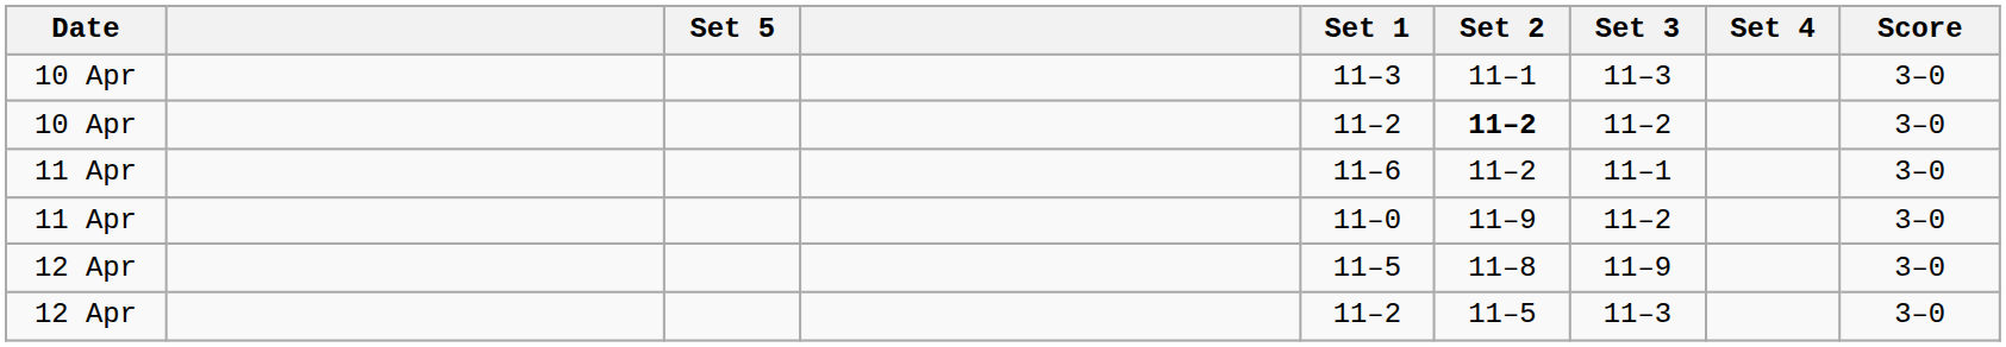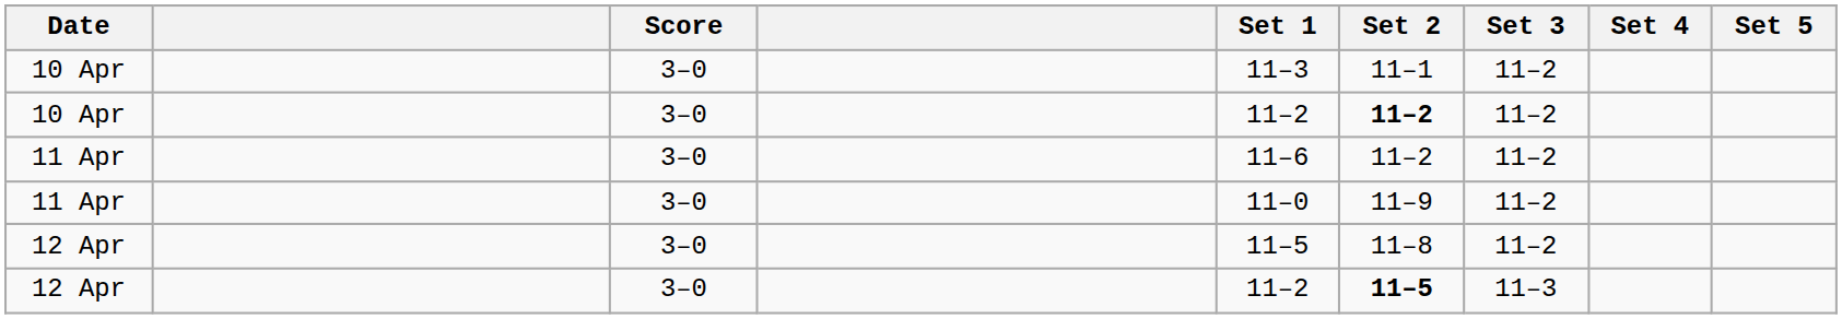 <table class="wikitable" style="text-align: center; font-size:90% ">
 <tr>
 <th width="60">Date</th>
 <th align="right" width="200"></th>
-<th width="50">Set 5</th>
+<th width="60">Score</th>
 <th align="left" width="200"></th>
 <th width="50">Set 1</th>
 <th width="50">Set 2</th>
 <th width="50">Set 3</th>
 <th width="50">Set 4</th>
-<th width="60">Score</th>
+<th width="50">Set 5</th>
 </tr>
 <tr>
 <td>10 Apr</td>
 <td align=left><strong></strong></td>
-<td></td>
+<td align=center>3–0</td>
 <td align=left></td>
 <td>11–3</td>
 <td>11–1</td>
-<td>11–3</td>
+<td>11–2</td>
 <td></td>
-<td align=center>3–0</td>
+<td></td>
 </tr>
 <tr>
 <td>10 Apr</td>
 <td align=left><strong></strong></td>
-<td></td>
+<td align=center>3–0</td>
 <td align=left></td>
 <td>11–2</td>
 <td><strong>11–2</strong></td>
 <td>11–2</td>
 <td></td>
-<td align=center>3–0</td>
+<td></td>
 </tr>
 <tr>
 <td>11 Apr</td>
 <td align=left><strong></strong></td>
-<td></td>
+<td align=center>3–0</td>
 <td align=left></td>
 <td>11–6</td>
 <td>11–2</td>
-<td>11–1</td>
+<td>11–2</td>
 <td></td>
-<td align=center>3–0</td>
+<td></td>
 </tr>
 <tr>
 <td>11 Apr</td>
 <td align=left><strong></strong></td>
-<td></td>
+<td align=center>3–0</td>
 <td align=left></td>
 <td>11–0</td>
 <td>11–9</td>
 <td>11–2</td>
 <td></td>
-<td align=center>3–0</td>
+<td></td>
 </tr>
 <tr>
 <td>12 Apr</td>
 <td align=left><strong></strong></td>
-<td></td>
+<td align=center>3–0</td>
 <td align=left></td>
 <td>11–5</td>
 <td>11–8</td>
-<td>11–9</td>
+<td>11–2</td>
 <td></td>
-<td align=center>3–0</td>
+<td></td>
 </tr>
 <tr>
 <td>12 Apr</td>
 <td align=left><strong></strong></td>
-<td></td>
+<td align=center>3–0</td>
 <td align=left></td>
 <td>11–2</td>
-<td>11–5</td>
+<td><strong>11–5</strong></td>
 <td>11–3</td>
 <td></td>
-<td align=center>3–0</td>
+<td></td>
 </tr>
 </table>
